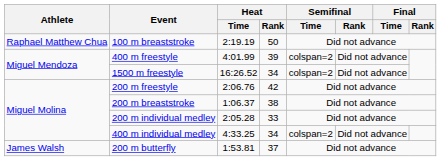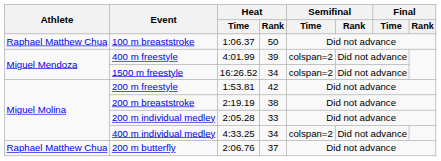 <table class=wikitable style="font-size:90%">
 <tr>
 <th rowspan="2">Athlete</th>
 <th rowspan="2">Event</th>
 <th colspan="2">Heat</th>
 <th colspan="2">Semifinal</th>
 <th colspan="2">Final</th>
 </tr>
 <tr style="font-size:95%">
 <th>Time</th>
 <th>Rank</th>
 <th>Time</th>
 <th>Rank</th>
 <th>Time</th>
 <th>Rank</th>
 </tr>
 <tr align=center>
 <td align=left><a href='#'>Raphael Matthew Chua</a></td>
 <td align=left><a href='#'>100 m breaststroke</a></td>
-<td>2:19.19</td>
+<td>1:06.37</td>
 <td>50</td>
 <td colspan=4>Did not advance</td>
 </tr>
 <tr align=center>
 <td align=left rowspan=2><a href='#'>Miguel Mendoza</a></td>
 <td align=left><a href='#'>400 m freestyle</a></td>
 <td>4:01.99</td>
 <td>39</td>
 <td>colspan=2 </td>
 <td colspan=2>Did not advance</td>
 </tr>
 <tr align=center>
 <td align=left><a href='#'>1500 m freestyle</a></td>
 <td>16:26.52</td>
 <td>34</td>
 <td>colspan=2 </td>
 <td colspan=2>Did not advance</td>
 </tr>
 <tr align=center>
 <td align=left rowspan=4><a href='#'>Miguel Molina</a></td>
 <td align=left><a href='#'>200 m freestyle</a></td>
-<td>2:06.76</td>
+<td>1:53.81</td>
 <td>42</td>
 <td colspan=4>Did not advance</td>
 </tr>
 <tr align=center>
 <td align=left><a href='#'>200 m breaststroke</a></td>
-<td>1:06.37</td>
+<td>2:19.19</td>
 <td>38</td>
 <td colspan=4>Did not advance</td>
 </tr>
 <tr align=center>
 <td align=left><a href='#'>200 m individual medley</a></td>
 <td>2:05.28</td>
 <td>33</td>
 <td colspan=4>Did not advance</td>
 </tr>
 <tr align=center>
 <td align=left><a href='#'>400 m individual medley</a></td>
 <td>4:33.25</td>
 <td>34</td>
 <td>colspan=2 </td>
 <td colspan=2>Did not advance</td>
 </tr>
 <tr align=center>
-<td align=left><a href='#'>James Walsh</a></td>
+<td align=left><a href='#'>Raphael Matthew Chua</a></td>
 <td align=left><a href='#'>200 m butterfly</a></td>
-<td>1:53.81</td>
+<td>2:06.76</td>
 <td>37</td>
 <td colspan=4>Did not advance</td>
 </tr>
 </table>
